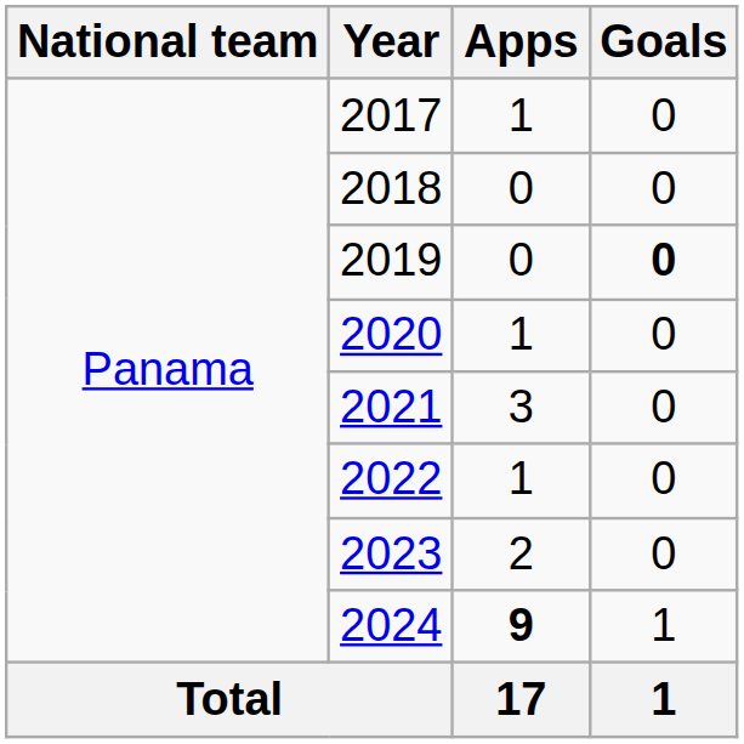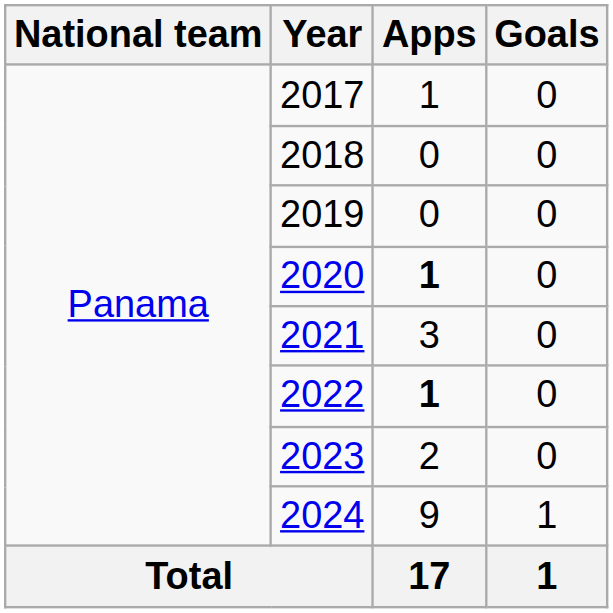 <table class="wikitable" style="text-align:center">
 <tr>
 <th>National team</th>
 <th>Year</th>
 <th>Apps</th>
 <th>Goals</th>
 </tr>
 <tr>
 <td rowspan=8><a href='#'>Panama</a></td>
 <td>2017</td>
 <td>1</td>
 <td>0</td>
 </tr>
 <tr>
 <td>2018</td>
 <td>0</td>
 <td>0</td>
 </tr>
 <tr>
 <td>2019</td>
 <td>0</td>
-<td><strong>0</strong></td>
+<td>0</td>
 </tr>
 <tr>
 <td><a href='#'>2020</a></td>
-<td>1</td>
+<td><strong>1</strong></td>
 <td>0</td>
 </tr>
 <tr>
 <td><a href='#'>2021</a></td>
 <td>3</td>
 <td>0</td>
 </tr>
 <tr>
 <td><a href='#'>2022</a></td>
-<td>1</td>
+<td><strong>1</strong></td>
 <td>0</td>
 </tr>
 <tr>
 <td><a href='#'>2023</a></td>
 <td>2</td>
 <td>0</td>
 </tr>
 <tr>
 <td><a href='#'>2024</a></td>
-<td><strong>9</strong></td>
+<td>9</td>
 <td>1</td>
 </tr>
 <tr>
 <th colspan=2>Total</th>
 <th>17</th>
 <th>1</th>
 </tr>
 </table>
